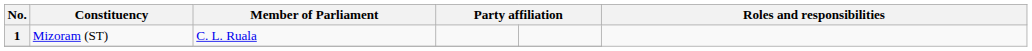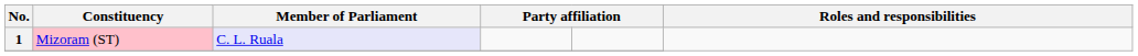 <table class="wikitable">
 <tr style="text-align:center;">
 <th>No.</th>
 <th style="width:12em">Constituency</th>
 <th style="width:18em">Member of Parliament</th>
 <th colspan="2" style="width:18em">Party affiliation</th>
 <th style="width:32em">Roles and responsibilities</th>
 </tr>
 <tr>
 <th>1</th>
-<td><a href='#'>Mizoram</a> (ST)</td>
-<td><a href='#'>C. L. Ruala</a></td>
+<td style="background: pink;"><a href='#'>Mizoram</a> (ST)</td>
+<td style="background: lavender;"><a href='#'>C. L. Ruala</a></td>
 <td></td>
 <td></td>
 </tr>
 <tr>
 </tr>
 </table>
